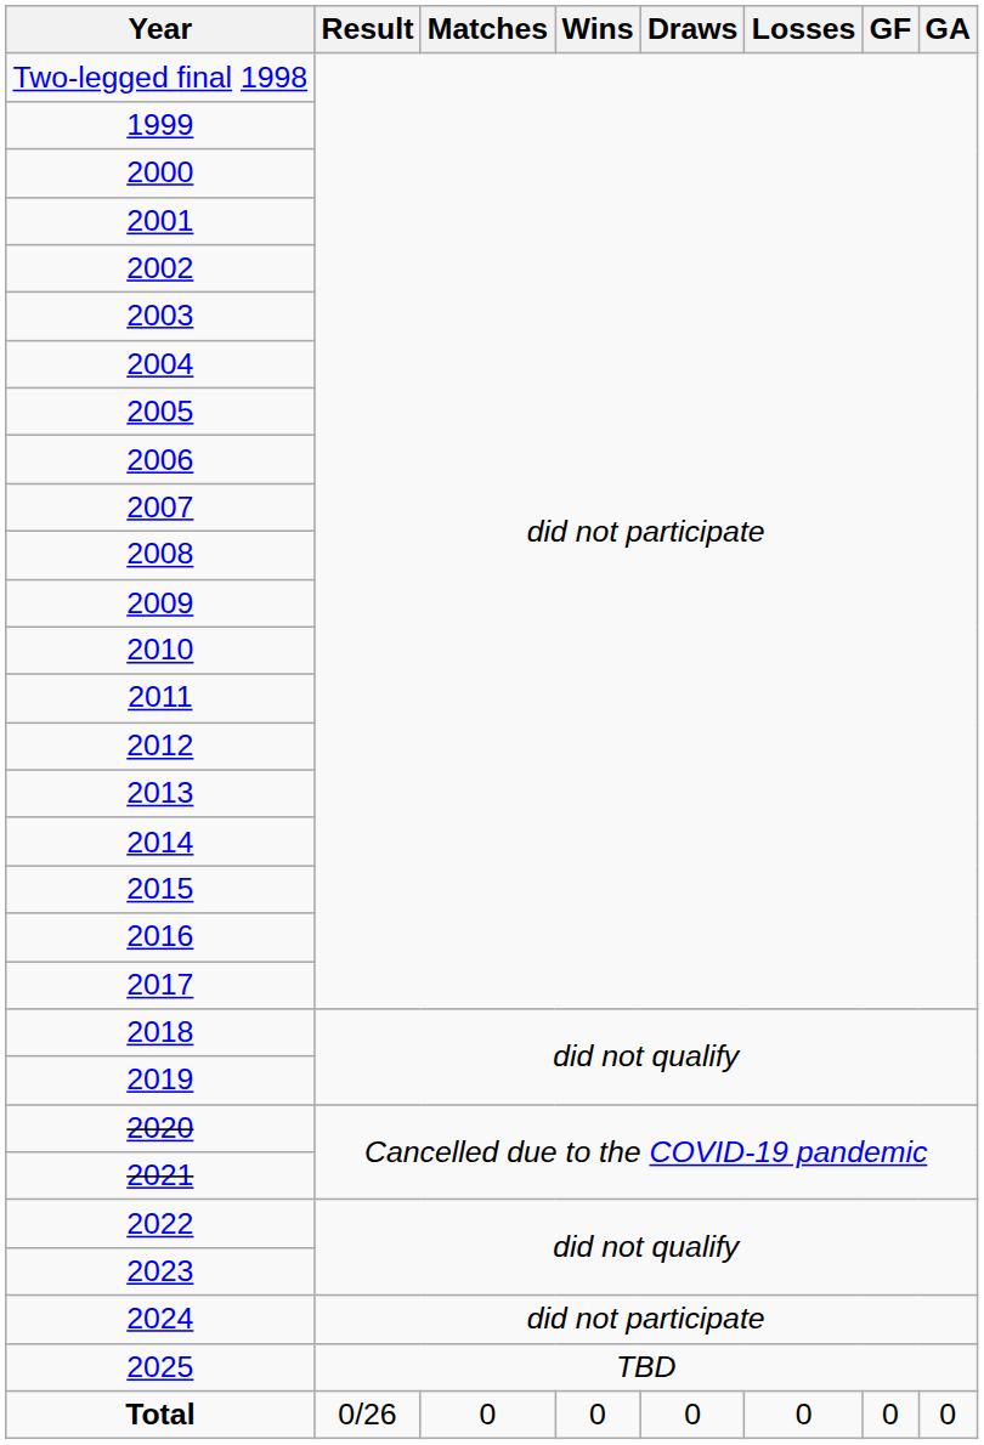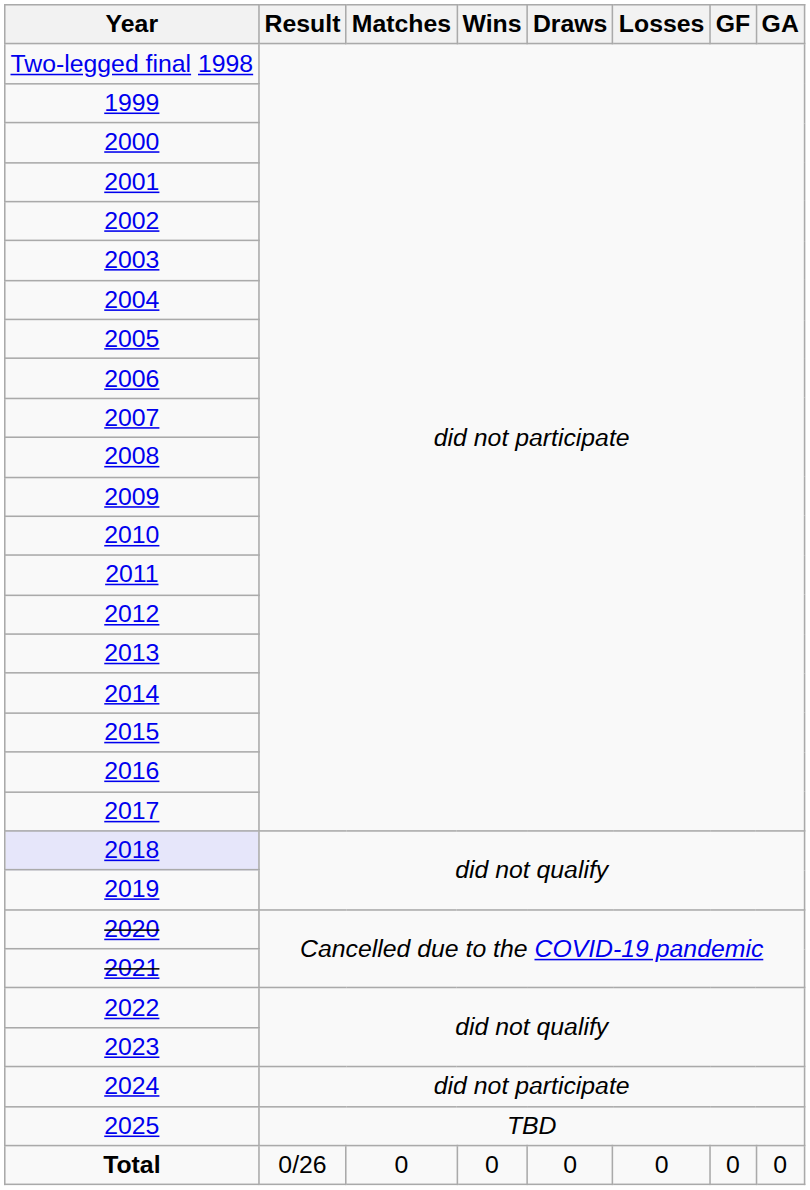 <table class="wikitable" style="text-align: center;">
 <tr>
 <th>Year</th>
 <th>Result</th>
 <th>Matches</th>
 <th>Wins</th>
 <th>Draws</th>
 <th>Losses</th>
 <th>GF</th>
 <th>GA</th>
 </tr>
 <tr>
 <td><a href='#'>Two-legged final</a> <a href='#'>1998</a></td>
 <td colspan=7 rowspan=20><em>did not participate</em></td>
 </tr>
 <tr>
 <td> <a href='#'>1999</a></td>
 </tr>
 <tr>
 <td> <a href='#'>2000</a></td>
 </tr>
 <tr>
 <td> <a href='#'>2001</a></td>
 </tr>
 <tr>
 <td> <a href='#'>2002</a></td>
 </tr>
 <tr>
 <td> <a href='#'>2003</a></td>
 </tr>
 <tr>
 <td> <a href='#'>2004</a></td>
 </tr>
 <tr>
 <td> <a href='#'>2005</a></td>
 </tr>
 <tr>
 <td> <a href='#'>2006</a></td>
 </tr>
 <tr>
 <td> <a href='#'>2007</a></td>
 </tr>
 <tr>
 <td> <a href='#'>2008</a></td>
 </tr>
 <tr>
 <td> <a href='#'>2009</a></td>
 </tr>
 <tr>
 <td> <a href='#'>2010</a></td>
 </tr>
 <tr>
 <td> <a href='#'>2011</a></td>
 </tr>
 <tr>
 <td> <a href='#'>2012</a></td>
 </tr>
 <tr>
 <td> <a href='#'>2013</a></td>
 </tr>
 <tr>
 <td> <a href='#'>2014</a></td>
 </tr>
 <tr>
 <td> <a href='#'>2015</a></td>
 </tr>
 <tr>
 <td> <a href='#'>2016</a></td>
 </tr>
 <tr>
 <td> <a href='#'>2017</a></td>
 </tr>
 <tr>
-<td> <a href='#'>2018</a></td>
+<td style="background: lavender;"> <a href='#'>2018</a></td>
 <td colspan=7 rowspan=2><em>did not qualify</em></td>
 </tr>
 <tr>
 <td> <a href='#'>2019</a></td>
 </tr>
 <tr>
 <td> <s><a href='#'>2020</a></s></td>
 <td colspan=7 rowspan=2><em>Cancelled due to the <a href='#'>COVID-19 pandemic</a></em></td>
 </tr>
 <tr>
 <td> <s><a href='#'>2021</a></s></td>
 </tr>
 <tr>
 <td> <a href='#'>2022</a></td>
 <td colspan=7 rowspan=2><em>did not qualify</em></td>
 </tr>
 <tr>
 <td> <a href='#'>2023</a></td>
 </tr>
 <tr>
 <td> <a href='#'>2024</a></td>
 <td colspan=7 rowspan=1><em>did not participate</em></td>
 </tr>
 <tr>
 <td> <a href='#'>2025</a></td>
 <td colspan=8 rowspan=1><em>TBD</em></td>
 </tr>
 <tr>
 <td><strong>Total</strong></td>
 <td>0/26</td>
 <td>0</td>
 <td>0</td>
 <td>0</td>
 <td>0</td>
 <td>0</td>
 <td>0</td>
 </tr>
 </table>
